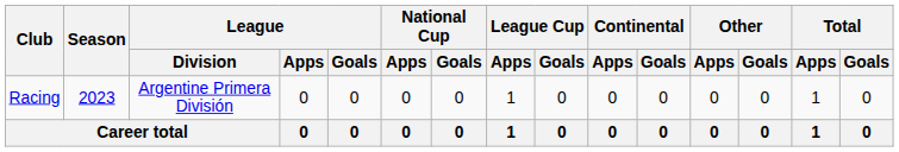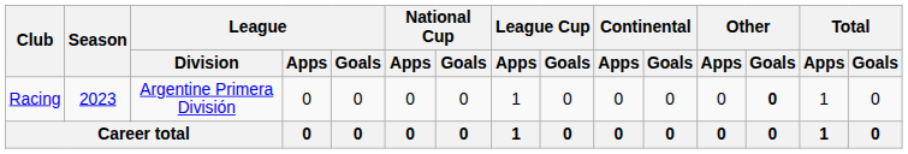 <table class=wikitable style=text-align:center>
 <tr>
 <th rowspan="2">Club</th>
 <th rowspan="2">Season</th>
 <th colspan="3">League</th>
 <th colspan="2">National Cup</th>
 <th colspan="2">League Cup</th>
 <th colspan="2">Continental</th>
 <th colspan="2">Other</th>
 <th colspan="2">Total</th>
 </tr>
 <tr>
 <th>Division</th>
 <th>Apps</th>
 <th>Goals</th>
 <th>Apps</th>
 <th>Goals</th>
 <th>Apps</th>
 <th>Goals</th>
 <th>Apps</th>
 <th>Goals</th>
 <th>Apps</th>
 <th>Goals</th>
 <th>Apps</th>
 <th>Goals</th>
 </tr>
 <tr>
 <td><a href='#'>Racing</a></td>
 <td><a href='#'>2023</a></td>
 <td><a href='#'>Argentine Primera División</a></td>
 <td>0</td>
 <td>0</td>
 <td>0</td>
 <td>0</td>
 <td>1</td>
 <td>0</td>
 <td>0</td>
 <td>0</td>
 <td>0</td>
-<td>0</td>
+<td><strong>0</strong></td>
 <td>1</td>
 <td>0</td>
 </tr>
 <tr>
 <th colspan="3"><strong>Career total</strong></th>
 <th>0</th>
 <th>0</th>
 <th>0</th>
 <th>0</th>
 <th>1</th>
 <th>0</th>
 <th>0</th>
 <th>0</th>
 <th>0</th>
 <th>0</th>
 <th>1</th>
 <th>0</th>
 </tr>
 </table>
